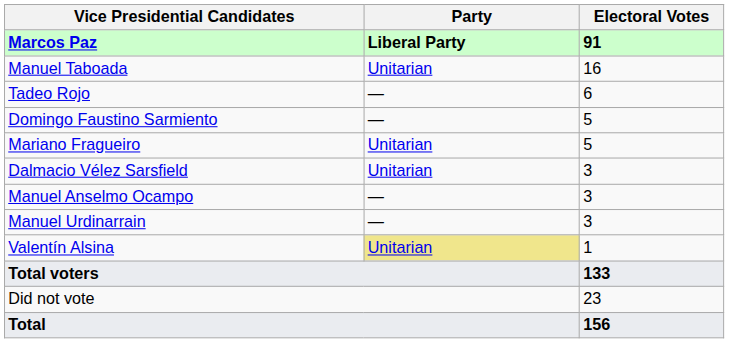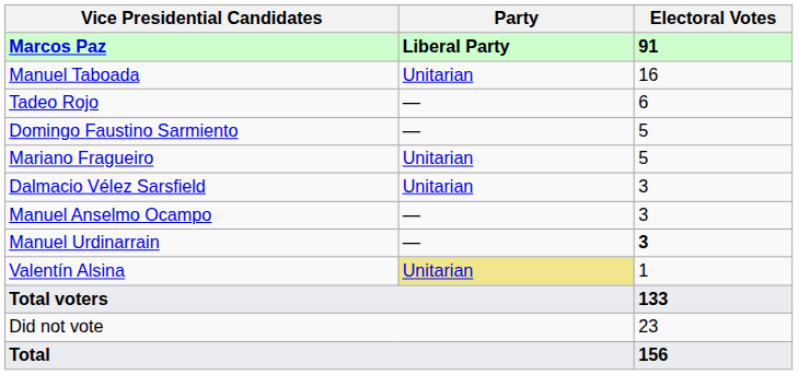 <table class="wikitable" width="45%">
 <tr>
 <th width="50%">Vice Presidential Candidates</th>
 <th width="30%">Party</th>
 <th width="20%">Electoral Votes</th>
 </tr>
 <tr style="background:#cfc;">
 <td><strong><a href='#'>Marcos Paz</a></strong></td>
 <td><strong>Liberal Party</strong></td>
 <td><strong>91</strong></td>
 </tr>
 <tr>
 <td><a href='#'>Manuel Taboada</a></td>
 <td><a href='#'>Unitarian</a></td>
 <td>16</td>
 </tr>
 <tr>
 <td><a href='#'>Tadeo Rojo</a></td>
 <td>—</td>
 <td>6</td>
 </tr>
 <tr>
 <td><a href='#'>Domingo Faustino Sarmiento</a></td>
 <td>—</td>
 <td>5</td>
 </tr>
 <tr>
 <td><a href='#'>Mariano Fragueiro</a></td>
 <td><a href='#'>Unitarian</a></td>
 <td>5</td>
 </tr>
 <tr>
 <td><a href='#'>Dalmacio Vélez Sarsfield</a></td>
 <td><a href='#'>Unitarian</a></td>
 <td>3</td>
 </tr>
 <tr>
 <td><a href='#'>Manuel Anselmo Ocampo</a></td>
 <td>—</td>
 <td>3</td>
 </tr>
 <tr>
 <td><a href='#'>Manuel Urdinarrain</a></td>
 <td>—</td>
-<td>3</td>
+<td><strong>3</strong></td>
 </tr>
 <tr>
 <td><a href='#'>Valentín Alsina</a></td>
 <td style="background: khaki;"><a href='#'>Unitarian</a></td>
 <td>1</td>
 </tr>
 <tr style="background:#EAECF0;">
 <td colspan=2><strong>Total voters</strong></td>
 <td><strong>133</strong></td>
 </tr>
 <tr>
 <td colspan=2>Did not vote</td>
 <td>23</td>
 </tr>
 <tr style="background:#EAECF0;">
 <td colspan=2><strong>Total</strong></td>
 <td><strong>156</strong></td>
 </tr>
 </table>
